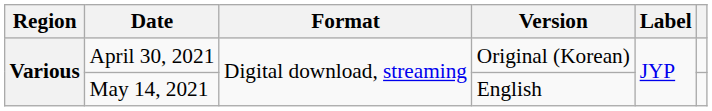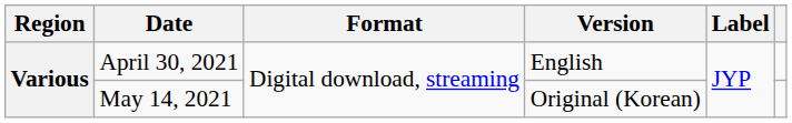 <table class="wikitable plainrowheaders">
 <tr>
 <th>Region</th>
 <th>Date</th>
 <th>Format</th>
 <th>Version</th>
 <th>Label</th>
 <th></th>
 </tr>
 <tr>
 <th scope="row" rowspan="2">Various</th>
 <td>April 30, 2021</td>
 <td rowspan="2">Digital download, <a href='#'>streaming</a></td>
-<td>Original (Korean)</td>
+<td>English</td>
 <td rowspan="2"><a href='#'>JYP</a></td>
 <td></td>
 </tr>
 <tr>
 <td>May 14, 2021</td>
-<td>English</td>
+<td>Original (Korean)</td>
 <td></td>
 </tr>
 </table>
